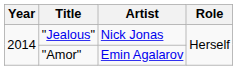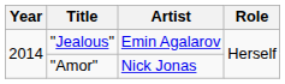 <table class="wikitable">
 <tr>
 <th>Year</th>
 <th>Title</th>
 <th>Artist</th>
 <th>Role</th>
 </tr>
 <tr>
 <td rowspan="2">2014</td>
 <td>"<a href='#'>Jealous</a>"</td>
-<td><a href='#'>Nick Jonas</a></td>
+<td><a href='#'>Emin Agalarov</a></td>
 <td rowspan="2">Herself</td>
 </tr>
 <tr>
 <td>"Amor"</td>
-<td><a href='#'>Emin Agalarov</a></td>
+<td><a href='#'>Nick Jonas</a></td>
 </tr>
 </table>
